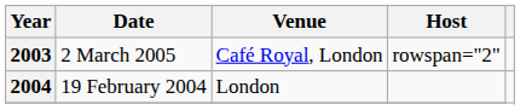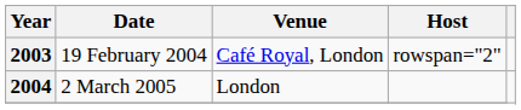 <table class="wikitable">
 <tr>
 <th scope="col">Year</th>
 <th scope="col">Date</th>
 <th scope="col">Venue</th>
 <th scope="col">Host</th>
 <th scope="col"></th>
 </tr>
 <tr>
 <th>2003</th>
-<td scope="row">2 March 2005</td>
+<td scope="row">19 February 2004</td>
 <td><a href='#'>Café Royal</a>, London</td>
 <td>rowspan="2" </td>
 <td></td>
 </tr>
 <tr>
 <th>2004</th>
-<td scope="row">19 February 2004</td>
+<td scope="row">2 March 2005</td>
 <td>London</td>
 <td></td>
 </tr>
 <tr>
 </tr>
 </table>
